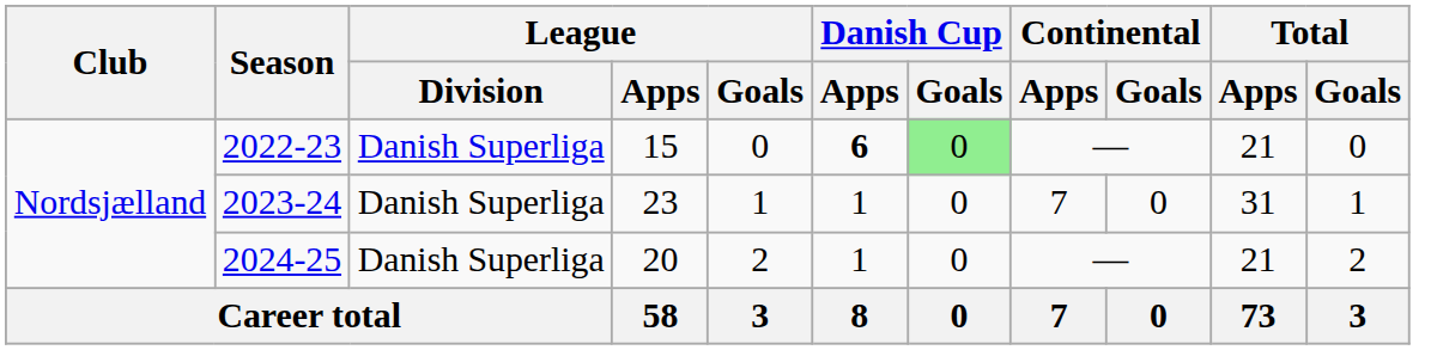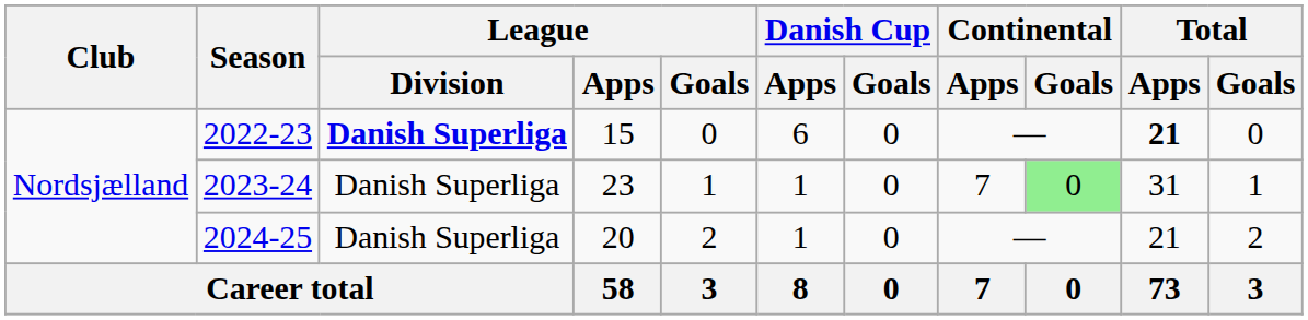 <table class="wikitable" style="text-align: center">
 <tr>
 <th rowspan="2">Club</th>
 <th rowspan="2">Season</th>
 <th colspan="3">League</th>
 <th colspan="2"><a href='#'>Danish Cup</a></th>
 <th colspan="2">Continental</th>
 <th colspan="2">Total</th>
 </tr>
 <tr>
 <th>Division</th>
 <th>Apps</th>
 <th>Goals</th>
 <th>Apps</th>
 <th>Goals</th>
 <th>Apps</th>
 <th>Goals</th>
 <th>Apps</th>
 <th>Goals</th>
 </tr>
 <tr>
 <td rowspan="3"><a href='#'>Nordsjælland</a></td>
 <td><a href='#'>2022-23</a></td>
-<td><a href='#'>Danish Superliga</a></td>
+<td><strong><a href='#'>Danish Superliga</a></strong></td>
 <td>15</td>
 <td>0</td>
-<td><strong>6</strong></td>
-<td style="background: lightgreen;">0</td>
+<td>6</td>
+<td>0</td>
 <td colspan="2">—</td>
-<td>21</td>
+<td><strong>21</strong></td>
 <td>0</td>
 </tr>
 <tr>
 <td><a href='#'>2023-24</a></td>
 <td>Danish Superliga</td>
 <td>23</td>
 <td>1</td>
 <td>1</td>
 <td>0</td>
 <td>7</td>
-<td>0</td>
+<td style="background: lightgreen;">0</td>
 <td>31</td>
 <td>1</td>
 </tr>
 <tr>
 <td><a href='#'>2024-25</a></td>
 <td>Danish Superliga</td>
 <td>20</td>
 <td>2</td>
 <td>1</td>
 <td>0</td>
 <td colspan="2">—</td>
 <td>21</td>
 <td>2</td>
 </tr>
 <tr>
 <th colspan="3">Career total</th>
 <th>58</th>
 <th>3</th>
 <th>8</th>
 <th>0</th>
 <th>7</th>
 <th>0</th>
 <th>73</th>
 <th>3</th>
 </tr>
 </table>
